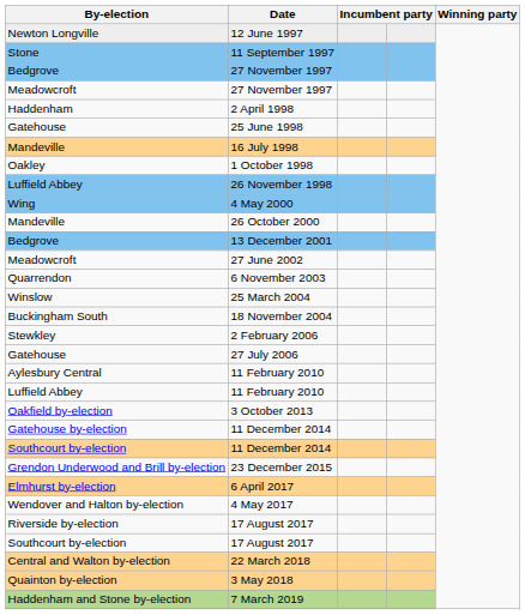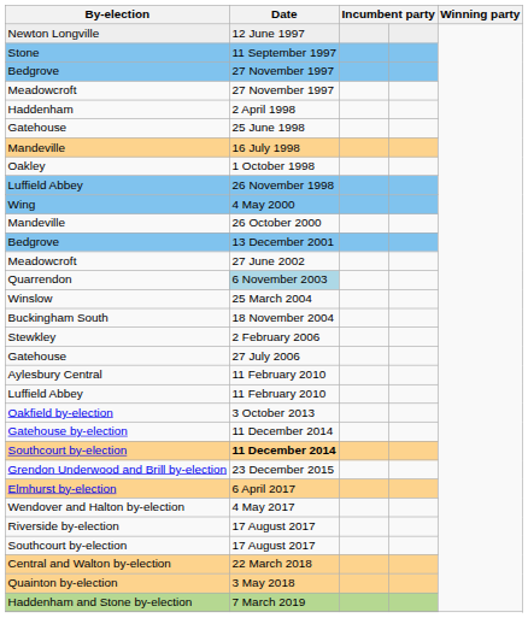 <table class="wikitable">
 <tr>
 <th>By-election</th>
 <th>Date</th>
 <th colspan=2>Incumbent party</th>
 <th colspan=2>Winning party</th>
 </tr>
 <tr bgcolor=#eeeeee>
 <td>Newton Longville</td>
 <td>12 June 1997</td>
 <td></td>
 <td></td>
 </tr>
 <tr bgcolor=#80c3ee>
 <td>Stone</td>
 <td>11 September 1997</td>
 <td></td>
 <td></td>
 </tr>
 <tr bgcolor=#80c3ee>
 <td>Bedgrove</td>
 <td>27 November 1997</td>
 <td></td>
 <td></td>
 </tr>
 <tr>
 <td>Meadowcroft</td>
 <td>27 November 1997</td>
 <td></td>
 <td></td>
 </tr>
 <tr>
 <td>Haddenham</td>
 <td>2 April 1998</td>
 <td></td>
 <td></td>
 </tr>
 <tr>
 <td>Gatehouse</td>
 <td>25 June 1998</td>
 <td></td>
 <td></td>
 </tr>
 <tr bgcolor=#fdd38d>
 <td>Mandeville</td>
 <td>16 July 1998</td>
 <td></td>
 <td></td>
 </tr>
 <tr>
 <td>Oakley</td>
 <td>1 October 1998</td>
 <td></td>
 <td></td>
 </tr>
 <tr bgcolor=#80c3ee>
 <td>Luffield Abbey</td>
 <td>26 November 1998</td>
 <td></td>
 <td></td>
 </tr>
 <tr bgcolor=#80c3ee>
 <td>Wing</td>
 <td>4 May 2000</td>
 <td></td>
 <td></td>
 </tr>
 <tr>
 <td>Mandeville</td>
 <td>26 October 2000</td>
 <td></td>
 <td></td>
 </tr>
 <tr bgcolor=#80c3ee>
 <td>Bedgrove</td>
 <td>13 December 2001</td>
 <td></td>
 <td></td>
 </tr>
 <tr>
 <td>Meadowcroft</td>
 <td>27 June 2002</td>
 <td></td>
 <td></td>
 </tr>
 <tr>
 <td>Quarrendon</td>
-<td>6 November 2003</td>
+<td style="background: lightblue;">6 November 2003</td>
 <td></td>
 <td></td>
 </tr>
 <tr>
 <td>Winslow</td>
 <td>25 March 2004</td>
 <td></td>
 <td></td>
 </tr>
 <tr>
 <td>Buckingham South</td>
 <td>18 November 2004</td>
 <td></td>
 <td></td>
 </tr>
 <tr>
 <td>Stewkley</td>
 <td>2 February 2006</td>
 <td></td>
 <td></td>
 </tr>
 <tr>
 <td>Gatehouse</td>
 <td>27 July 2006</td>
 <td></td>
 <td></td>
 </tr>
 <tr>
 <td>Aylesbury Central</td>
 <td>11 February 2010</td>
 <td></td>
 <td></td>
 </tr>
 <tr>
 <td>Luffield Abbey</td>
 <td>11 February 2010</td>
 <td></td>
 <td></td>
 </tr>
 <tr>
 <td><a href='#'>Oakfield by-election</a></td>
 <td>3 October 2013</td>
 <td></td>
 <td></td>
 </tr>
 <tr>
 <td><a href='#'>Gatehouse by-election</a></td>
 <td>11 December 2014</td>
 <td></td>
 <td></td>
 </tr>
 <tr bgcolor=#fdd38d>
 <td><a href='#'>Southcourt by-election</a></td>
-<td>11 December 2014</td>
+<td><strong>11 December 2014</strong></td>
 <td></td>
 <td></td>
 </tr>
 <tr>
 <td><a href='#'>Grendon Underwood and Brill by-election</a></td>
 <td>23 December 2015</td>
 <td></td>
 <td></td>
 </tr>
 <tr bgcolor=#fdd38d>
 <td><a href='#'>Elmhurst by-election</a></td>
 <td>6 April 2017</td>
 <td></td>
 <td></td>
 </tr>
 <tr>
 <td>Wendover and Halton by-election</td>
 <td>4 May 2017</td>
 <td></td>
 <td></td>
 </tr>
 <tr>
 <td>Riverside by-election</td>
 <td>17 August 2017</td>
 <td></td>
 <td></td>
 </tr>
 <tr>
 <td>Southcourt by-election</td>
 <td>17 August 2017</td>
 <td></td>
 <td></td>
 </tr>
 <tr bgcolor=#fdd38d>
 <td>Central and Walton by-election</td>
 <td>22 March 2018</td>
 <td></td>
 <td></td>
 </tr>
 <tr bgcolor=#fdd38d>
 <td>Quainton by-election</td>
 <td>3 May 2018</td>
 <td></td>
 <td></td>
 </tr>
 <tr bgcolor=#b5d891>
 <td>Haddenham and Stone by-election</td>
 <td>7 March 2019</td>
 <td></td>
 <td></td>
 </tr>
 <tr>
 </tr>
 </table>
